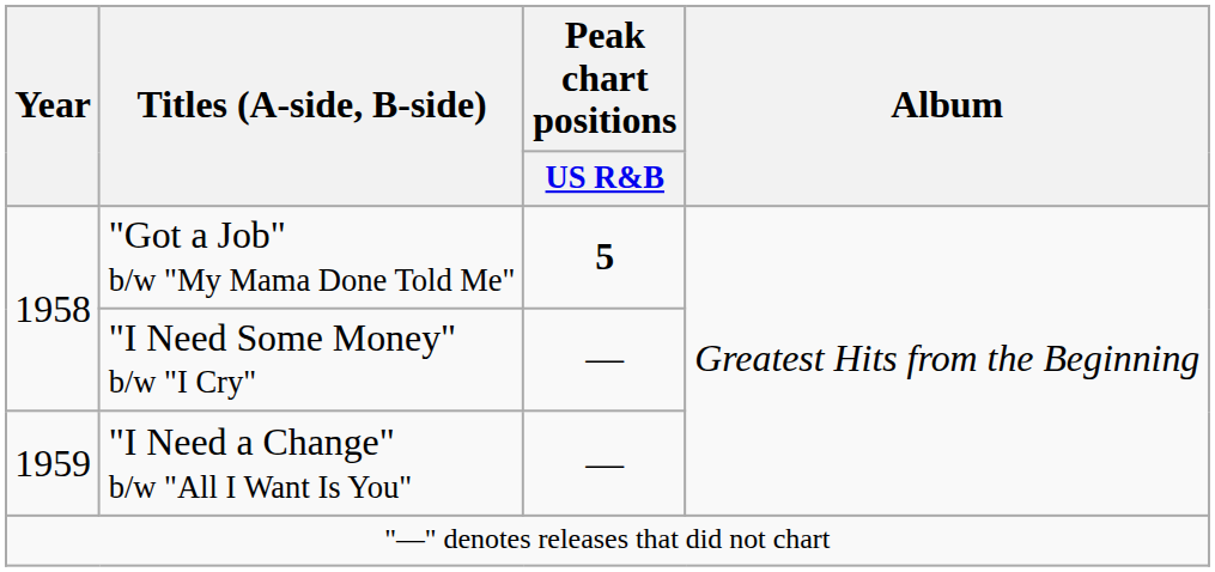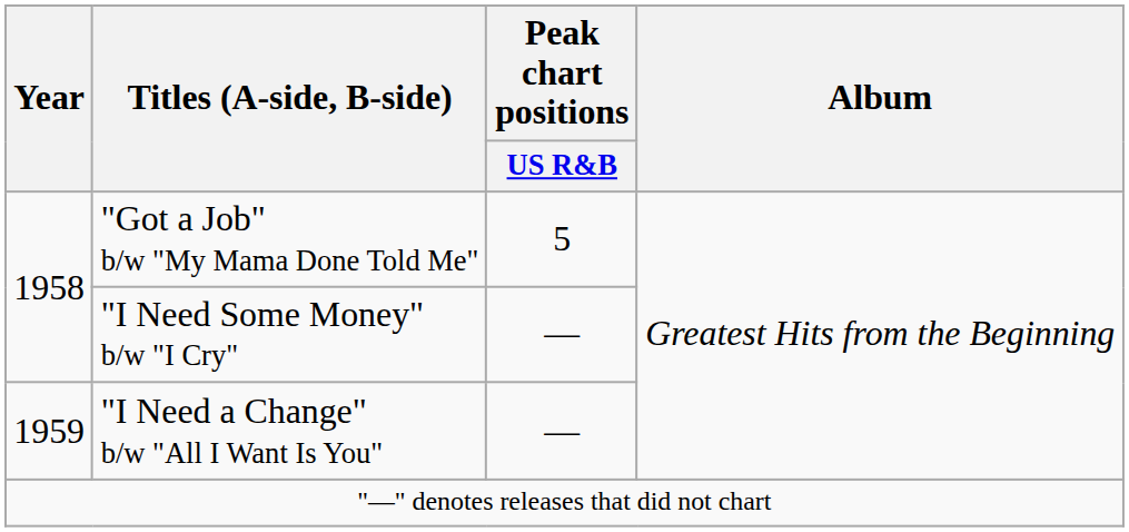 <table class="wikitable">
 <tr>
 <th rowspan="2">Year</th>
 <th rowspan="2">Titles (A-side, B-side)</th>
 <th colspan="1">Peak chart positions</th>
 <th rowspan="2">Album</th>
 </tr>
 <tr style="font-size:smaller;">
 <th width="40"><a href='#'>US R&B</a><br></th>
 </tr>
 <tr>
 <td rowspan="2">1958</td>
 <td>"Got a Job"<br><small>b/w "My Mama Done Told Me"</small></td>
-<td align="center"><strong>5</strong></td>
+<td align="center">5</td>
 <td align="left" rowspan="3"><em>Greatest Hits from the Beginning</em></td>
 </tr>
 <tr>
 <td>"I Need Some Money"<br><small>b/w "I Cry"</small></td>
 <td align="center">—</td>
 </tr>
 <tr>
 <td>1959</td>
 <td>"I Need a Change"<br><small>b/w "All I Want Is You"</small></td>
 <td align="center">—</td>
 </tr>
 <tr>
 <td align="center" colspan="6" style="font-size:9pt">"—" denotes releases that did not chart</td>
 </tr>
 </table>
